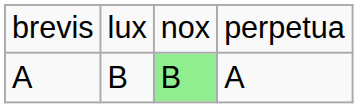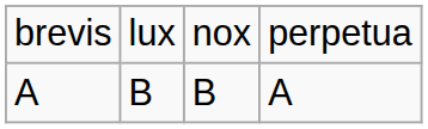 <table class="wikitable">
 <tr>
 <td>brevis</td>
 <td>lux</td>
 <td>nox</td>
 <td>perpetua</td>
 </tr>
 <tr>
 <td>A</td>
 <td>B</td>
-<td style="background: lightgreen;">B</td>
+<td>B</td>
 <td>A</td>
 </tr>
 </table>
